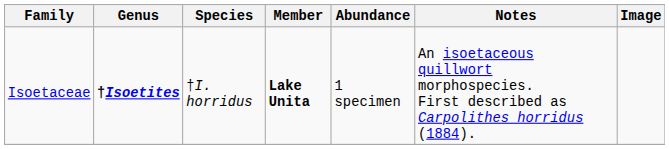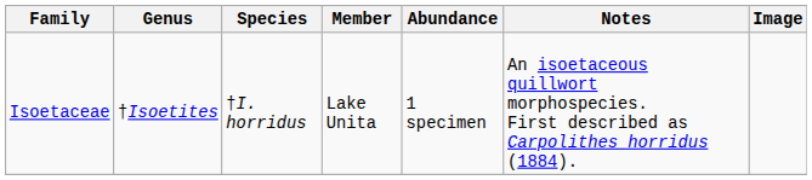 <table class="wikitable" style="margin:auto;width:100%;">
 <tr>
 <th>Family</th>
 <th>Genus</th>
 <th>Species</th>
 <th>Member</th>
 <th>Abundance</th>
 <th>Notes</th>
 <th>Image</th>
 </tr>
 <tr>
 <td><br><a href='#'>Isoetaceae</a></td>
-<td><strong><br>†<em><a href='#'>Isoetites</a></em></strong></td>
+<td><br>†<em><a href='#'>Isoetites</a></em></td>
 <td><br>†<em>I. horridus</em> </td>
-<td><strong><br>Lake Unita</strong></td>
+<td><br>Lake Unita</td>
 <td><br>1 specimen</td>
 <td><br>An <a href='#'>isoetaceous</a> <a href='#'>quillwort</a> morphospecies.<br>First described as <em><a href='#'>Carpolithes horridus</a></em> (<a href='#'>1884</a>).</td>
 <td></td>
 </tr>
 <tr>
 </tr>
 </table>
